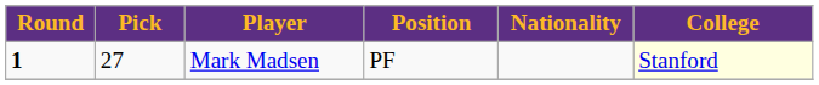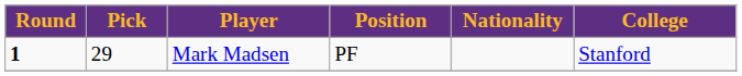 <table class="wikitable sortable sortable">
 <tr>
 <th style="background:#5c2f83; color:#fcb926" width="10%">Round</th>
 <th style="background:#5c2f83; color:#fcb926" width="10%">Pick</th>
 <th style="background:#5c2f83; color:#fcb926" width="20%">Player</th>
 <th style="background:#5c2f83; color:#fcb926" width="15%">Position</th>
 <th style="background:#5c2f83; color:#fcb926" width="15%">Nationality</th>
 <th style="background:#5c2f83; color:#fcb926" width="20%">College</th>
 </tr>
 <tr>
 <td><strong>1</strong></td>
-<td>27</td>
+<td>29</td>
 <td><a href='#'>Mark Madsen</a></td>
 <td>PF</td>
 <td></td>
-<td style="background: lightyellow;"><a href='#'>Stanford</a></td>
+<td><a href='#'>Stanford</a></td>
 </tr>
 <tr>
 </tr>
 </table>
